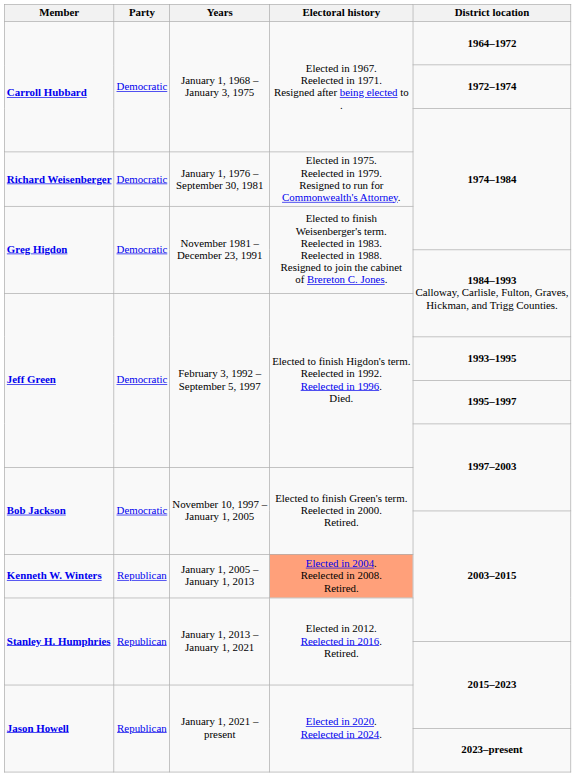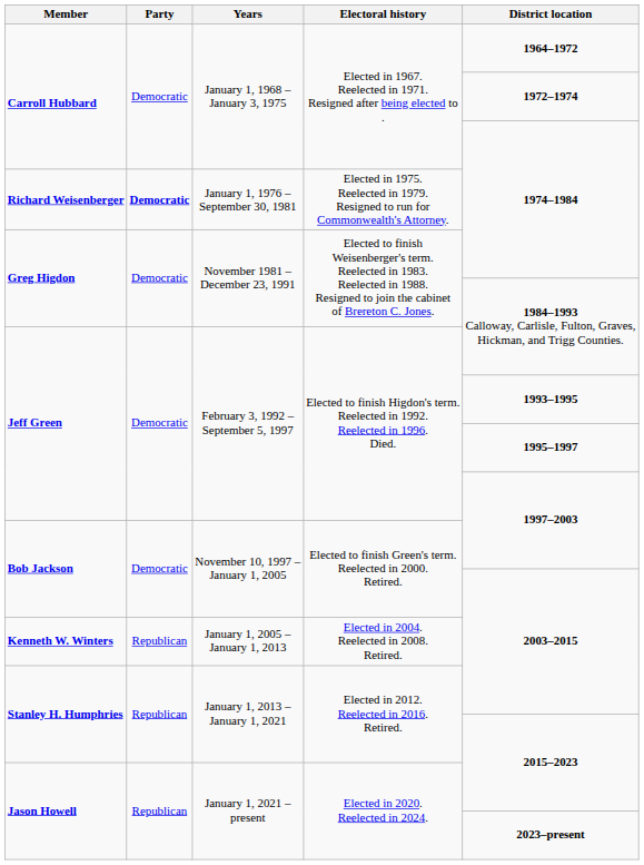 <table class=wikitable style="text-align:center">
 <tr>
 <th>Member</th>
 <th>Party</th>
 <th>Years</th>
 <th>Electoral history</th>
 <th>District location</th>
 </tr>
 <tr style="height:4em">
 <td rowspan=3 align=left><br><strong><a href='#'>Carroll Hubbard</a></strong><br></td>
 <td rowspan=3 ><a href='#'>Democratic</a></td>
 <td rowspan=3 nowrap>January 1, 1968 –<br>January 3, 1975</td>
 <td rowspan=3>Elected in 1967.<br>Reelected in 1971.<br>Resigned after <a href='#'>being elected</a> to<br>.</td>
 <td><strong>1964–1972</strong><br></td>
 </tr>
 <tr style="height:4em">
 <td><strong>1972–1974</strong><br></td>
 </tr>
 <tr style="height:4em">
 <td rowspan=3><strong>1974–1984</strong><br></td>
 </tr>
 <tr style="height:4em">
 <td align=left><strong><a href='#'>Richard Weisenberger</a></strong><br></td>
-<td><a href='#'>Democratic</a></td>
+<td><strong><a href='#'>Democratic</a></strong></td>
 <td nowrap>January 1, 1976 –<br>September 30, 1981</td>
 <td>Elected in 1975.<br>Reelected in 1979.<br>Resigned to run for<br><a href='#'>Commonwealth's Attorney</a>.</td>
 </tr>
 <tr style="height:4em">
 <td rowspan=2 align=left><strong><a href='#'>Greg Higdon</a></strong><br></td>
 <td rowspan=2 ><a href='#'>Democratic</a></td>
 <td rowspan=2 nowrap>November 1981 –<br>December 23, 1991</td>
 <td rowspan=2>Elected to finish<br>Weisenberger's term.<br>Reelected in 1983.<br>Reelected in 1988.<br>Resigned to join the cabinet<br>of <a href='#'>Brereton C. Jones</a>.</td>
 </tr>
 <tr style="height:4em">
 <td rowspan=2><strong>1984–1993</strong><br>Calloway, Carlisle, Fulton, Graves,<br>Hickman, and Trigg Counties.</td>
 </tr>
 <tr style="height:4em">
 <td rowspan=4 align=left><strong><a href='#'>Jeff Green</a></strong><br></td>
 <td rowspan=4 ><a href='#'>Democratic</a></td>
 <td rowspan=4 nowrap>February 3, 1992 –<br>September 5, 1997</td>
 <td rowspan=4>Elected to finish Higdon's term.<br>Reelected in 1992.<br><a href='#'>Reelected in 1996</a>.<br>Died.</td>
 </tr>
 <tr style="height:4em">
 <td><strong>1993–1995</strong><br></td>
 </tr>
 <tr style="height:4em">
 <td><strong>1995–1997</strong><br></td>
 </tr>
 <tr style="height:4em">
 <td rowspan=2><strong>1997–2003</strong><br></td>
 </tr>
 <tr style="height:4em">
 <td rowspan=2 align=left><strong><a href='#'>Bob Jackson</a></strong><br></td>
 <td rowspan=2 ><a href='#'>Democratic</a></td>
 <td rowspan=2 nowrap>November 10, 1997 –<br>January 1, 2005</td>
 <td rowspan=2>Elected to finish Green's term.<br>Reelected in 2000.<br>Retired.</td>
 </tr>
 <tr style="height:4em">
 <td rowspan=3><strong>2003–2015</strong><br></td>
 </tr>
 <tr style="height:4em">
 <td align=left><strong><a href='#'>Kenneth W. Winters</a></strong><br></td>
 <td><a href='#'>Republican</a></td>
 <td nowrap>January 1, 2005 –<br>January 1, 2013</td>
-<td style="background: lightsalmon;"><a href='#'>Elected in 2004</a>.<br>Reelected in 2008.<br>Retired.</td>
+<td><a href='#'>Elected in 2004</a>.<br>Reelected in 2008.<br>Retired.</td>
 </tr>
 <tr style="height:4em">
 <td rowspan=2 align=left><strong><a href='#'>Stanley H. Humphries</a></strong><br></td>
 <td rowspan=2 ><a href='#'>Republican</a></td>
 <td rowspan=2 nowrap>January 1, 2013 –<br>January 1, 2021</td>
 <td rowspan=2>Elected in 2012.<br><a href='#'>Reelected in 2016</a>.<br>Retired.</td>
 </tr>
 <tr style="height:4em">
 <td rowspan=2><strong>2015–2023</strong><br></td>
 </tr>
 <tr style="height:4em">
 <td rowspan=2 align=left><strong><a href='#'>Jason Howell</a></strong><br></td>
 <td rowspan=2 ><a href='#'>Republican</a></td>
 <td rowspan=2 nowrap>January 1, 2021 –<br>present</td>
 <td rowspan=2><a href='#'>Elected in 2020</a>.<br><a href='#'>Reelected in 2024</a>.</td>
 </tr>
 <tr style="height:4em">
 <td><strong>2023–present</strong><br></td>
 </tr>
 </table>
